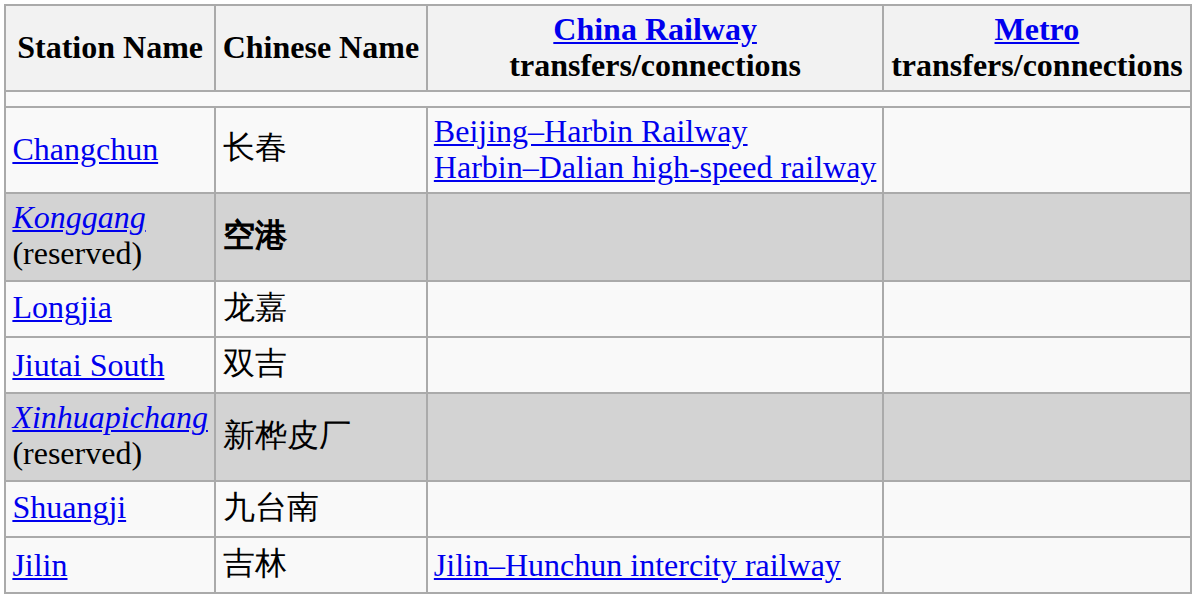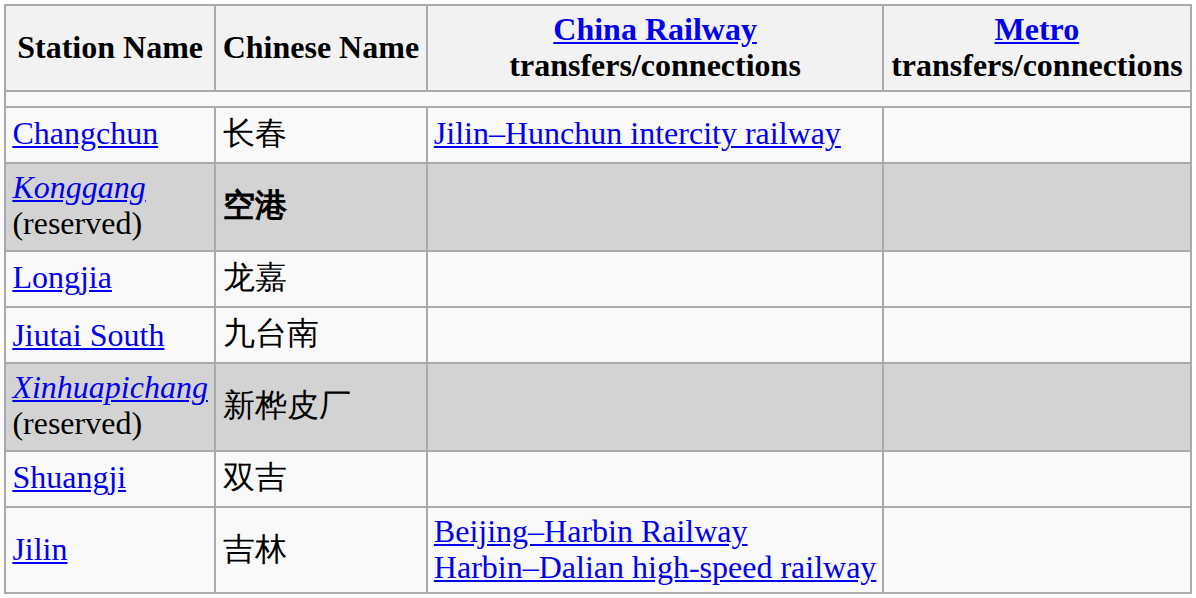 <table class="wikitable">
 <tr>
 <th>Station Name</th>
 <th>Chinese Name<br></th>
 <th><a href='#'>China Railway</a><br>transfers/connections</th>
 <th><a href='#'>Metro</a><br>transfers/connections<br></th>
 </tr>
 <tr style="background:#">
 <td colspan = "11"></td>
 </tr>
 <tr>
 <td><a href='#'>Changchun</a></td>
 <td>长春</td>
-<td><a href='#'>Beijing–Harbin Railway</a><br><a href='#'>Harbin–Dalian high-speed railway</a></td>
+<td><a href='#'>Jilin–Hunchun intercity railway</a></td>
 <td>  </td>
 </tr>
 <tr bgcolor="lightgrey">
 <td><em><a href='#'>Konggang</a></em><br>(reserved)</td>
 <td><strong>空港</strong></td>
 <td></td>
 <td></td>
 </tr>
 <tr>
 <td><a href='#'>Longjia</a></td>
 <td>龙嘉</td>
 <td></td>
 <td></td>
 </tr>
 <tr>
 <td><a href='#'>Jiutai South</a></td>
-<td>双吉</td>
+<td>九台南</td>
 <td></td>
 <td></td>
 </tr>
 <tr bgcolor="lightgrey">
 <td><em><a href='#'>Xinhuapichang</a></em><br>(reserved)</td>
 <td>新桦皮厂</td>
 <td></td>
 <td></td>
 </tr>
 <tr>
 <td><a href='#'>Shuangji</a></td>
-<td>九台南</td>
+<td>双吉</td>
 <td></td>
 <td></td>
 </tr>
 <tr>
 <td><a href='#'>Jilin</a></td>
 <td>吉林</td>
-<td><a href='#'>Jilin–Hunchun intercity railway</a></td>
+<td><a href='#'>Beijing–Harbin Railway</a><br><a href='#'>Harbin–Dalian high-speed railway</a></td>
 <td></td>
 </tr>
 </table>
